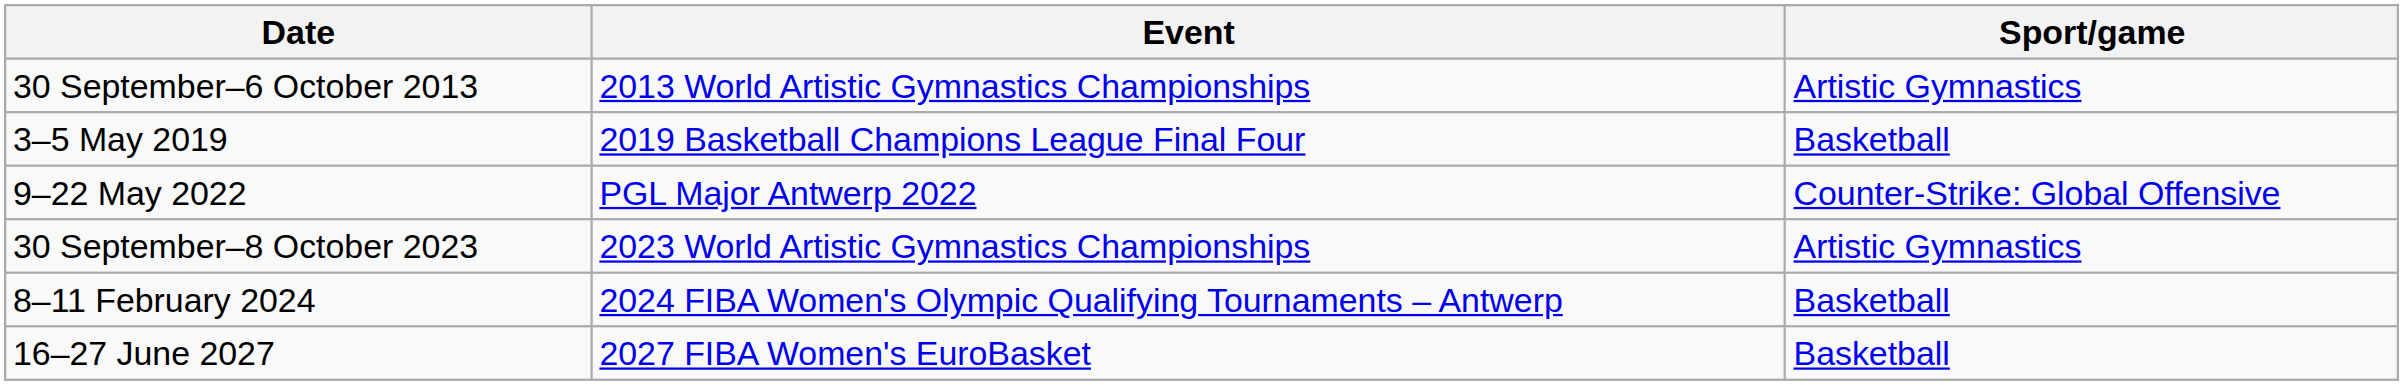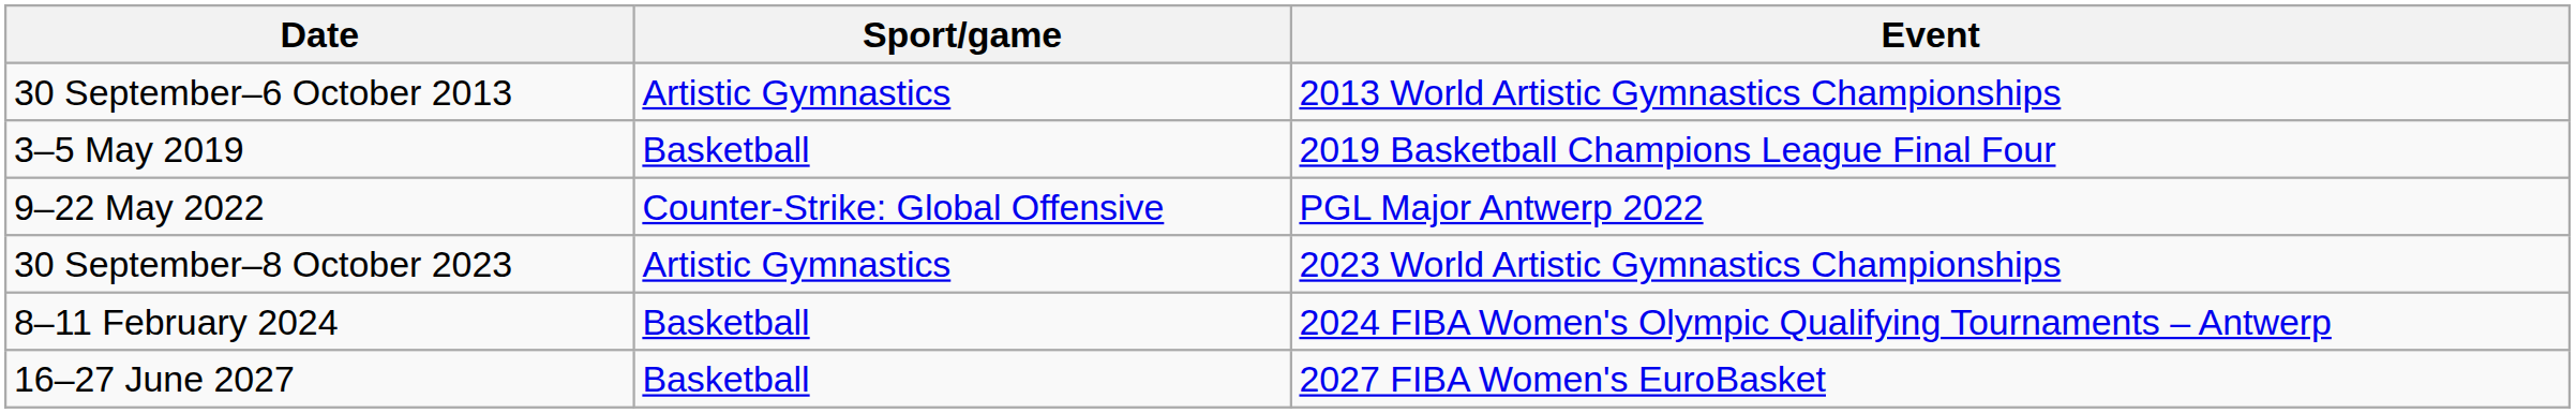 <table class="wikitable"  style="text-align:left; font-size:95%; width:85%;">
 <tr>
 <th style="text-align:center;">Date</th>
+<th style="text-align:center;">Sport/game</th>
 <th style="text-align:center;">Event</th>
-<th style="text-align:center;">Sport/game</th>
 </tr>
 <tr>
 <td>30 September–6 October 2013</td>
+<td><a href='#'>Artistic Gymnastics</a></td>
 <td><a href='#'>2013 World Artistic Gymnastics Championships</a></td>
-<td><a href='#'>Artistic Gymnastics</a></td>
 </tr>
 <tr>
 <td>3–5 May 2019</td>
+<td><a href='#'>Basketball</a></td>
 <td><a href='#'>2019 Basketball Champions League Final Four</a></td>
-<td><a href='#'>Basketball</a></td>
 </tr>
 <tr>
 <td>9–22 May 2022</td>
+<td><a href='#'>Counter-Strike: Global Offensive</a></td>
 <td><a href='#'>PGL Major Antwerp 2022</a></td>
-<td><a href='#'>Counter-Strike: Global Offensive</a></td>
 </tr>
 <tr>
 <td>30 September–8 October 2023</td>
+<td><a href='#'>Artistic Gymnastics</a></td>
 <td><a href='#'>2023 World Artistic Gymnastics Championships</a></td>
-<td><a href='#'>Artistic Gymnastics</a></td>
 </tr>
 <tr>
 <td>8–11 February 2024</td>
+<td><a href='#'>Basketball</a></td>
 <td><a href='#'>2024 FIBA Women's Olympic Qualifying Tournaments – Antwerp</a></td>
-<td><a href='#'>Basketball</a></td>
 </tr>
 <tr>
 <td>16–27 June 2027</td>
+<td><a href='#'>Basketball</a></td>
 <td><a href='#'>2027 FIBA Women's EuroBasket</a></td>
-<td><a href='#'>Basketball</a></td>
 </tr>
 </table>
